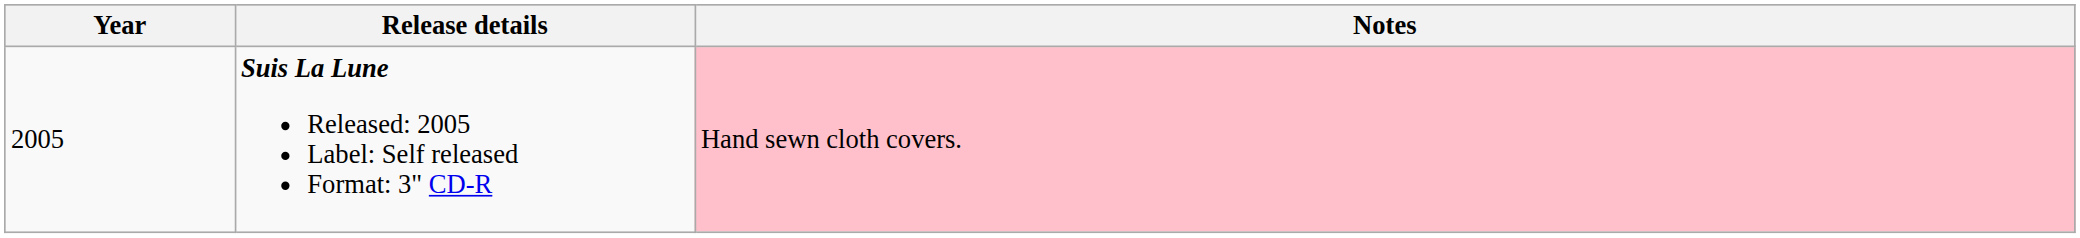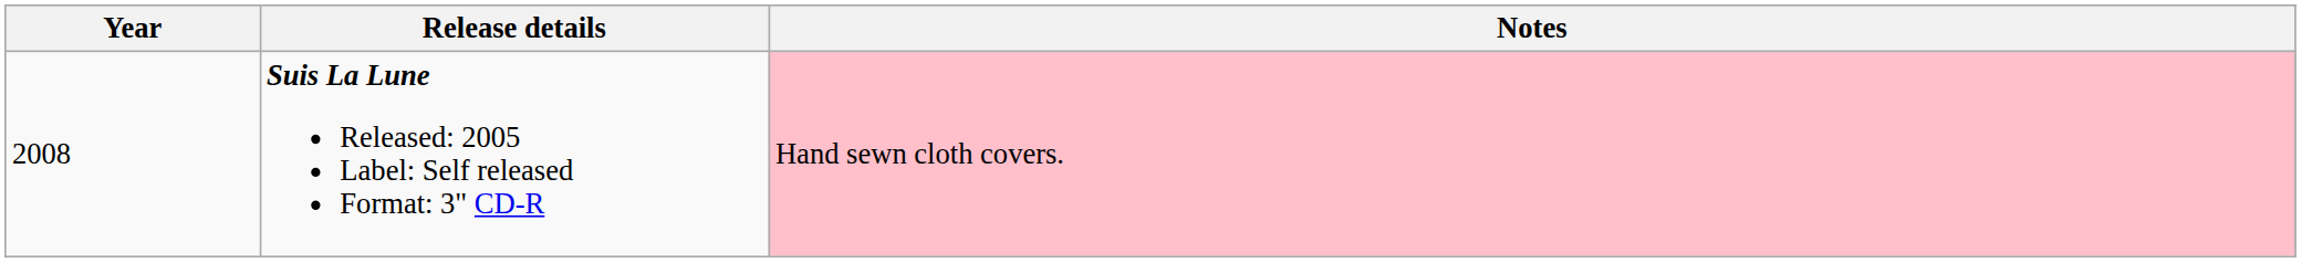 <table class ="wikitable">
 <tr>
 <th style="width: 5%">Year</th>
 <th style="width:10%">Release details</th>
 <th style="width:30%">Notes</th>
 </tr>
 <tr>
-<td>2005</td>
+<td>2008</td>
 <td><strong><em>Suis La Lune</em></strong><br><ul><li>Released: 2005</li><li>Label: Self released</li><li>Format: 3" <a href='#'>CD-R</a></li></ul></td>
 <td style="background: pink;">Hand sewn cloth covers.</td>
 </tr>
 </table>
